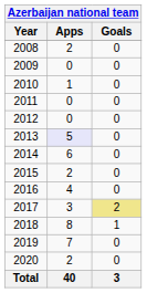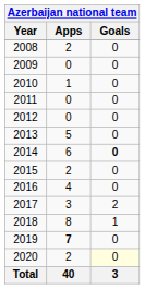 <table class="wikitable" style="text-align:center">
 <tr>
 <th colspan=3><a href='#'>Azerbaijan national team</a></th>
 </tr>
 <tr>
 <th>Year</th>
 <th>Apps</th>
 <th>Goals</th>
 </tr>
 <tr>
 </tr>
 <tr>
 <td>2008</td>
 <td>2</td>
 <td>0</td>
 </tr>
 <tr>
 <td>2009</td>
 <td>0</td>
 <td>0</td>
 </tr>
 <tr>
 <td>2010</td>
 <td>1</td>
 <td>0</td>
 </tr>
 <tr>
 <td>2011</td>
 <td>0</td>
 <td>0</td>
 </tr>
 <tr>
 <td>2012</td>
 <td>0</td>
 <td>0</td>
 </tr>
 <tr>
 <td>2013</td>
-<td style="background: lavender;">5</td>
+<td>5</td>
 <td>0</td>
 </tr>
 <tr>
 <td>2014</td>
 <td>6</td>
-<td>0</td>
+<td><strong>0</strong></td>
 </tr>
 <tr>
 <td>2015</td>
 <td>2</td>
 <td>0</td>
 </tr>
 <tr>
 <td>2016</td>
 <td>4</td>
 <td>0</td>
 </tr>
 <tr>
 <td>2017</td>
 <td>3</td>
-<td style="background: khaki;">2</td>
+<td>2</td>
 </tr>
 <tr>
 <td>2018</td>
 <td>8</td>
 <td>1</td>
 </tr>
 <tr>
 <td>2019</td>
-<td>7</td>
+<td><strong>7</strong></td>
 <td>0</td>
 </tr>
 <tr>
 <td>2020</td>
 <td>2</td>
-<td>0</td>
+<td style="background: lightyellow;">0</td>
 </tr>
 <tr>
 <th>Total</th>
 <th>40</th>
 <th>3</th>
 </tr>
 </table>
